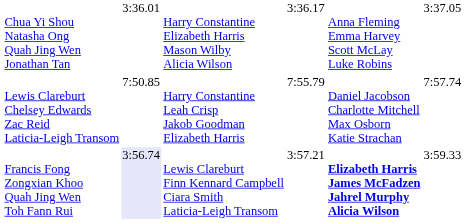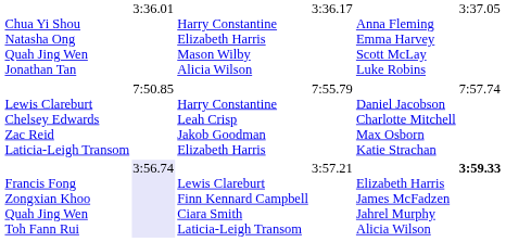 <table>
 <tr valign="top">
 <td></td>
 <td><br><a href='#'>Chua Yi Shou</a><br><a href='#'>Natasha Ong</a><br><a href='#'>Quah Jing Wen</a><br><a href='#'>Jonathan Tan</a></td>
 <td>3:36.01</td>
 <td><br><a href='#'>Harry Constantine</a><br><a href='#'>Elizabeth Harris</a><br><a href='#'>Mason Wilby</a><br><a href='#'>Alicia Wilson</a></td>
 <td>3:36.17</td>
 <td><br><a href='#'>Anna Fleming</a><br><a href='#'>Emma Harvey</a><br><a href='#'>Scott McLay</a><br><a href='#'>Luke Robins</a></td>
 <td>3:37.05</td>
 </tr>
 <tr valign="top">
 <td></td>
 <td><br><a href='#'>Lewis Clareburt</a><br><a href='#'>Chelsey Edwards</a><br><a href='#'>Zac Reid</a><br><a href='#'>Laticia-Leigh Transom</a></td>
 <td>7:50.85</td>
 <td><br><a href='#'>Harry Constantine</a><br><a href='#'>Leah Crisp</a><br><a href='#'>Jakob Goodman</a><br><a href='#'>Elizabeth Harris</a></td>
 <td>7:55.79</td>
 <td><br><a href='#'>Daniel Jacobson</a><br><a href='#'>Charlotte Mitchell</a><br><a href='#'>Max Osborn</a><br><a href='#'>Katie Strachan</a></td>
 <td>7:57.74</td>
 </tr>
 <tr valign="top">
 <td></td>
 <td><br><a href='#'>Francis Fong</a><br><a href='#'>Zongxian Khoo</a><br><a href='#'>Quah Jing Wen</a><br><a href='#'>Toh Fann Rui</a></td>
 <td style="background: lavender;">3:56.74</td>
 <td><br><a href='#'>Lewis Clareburt</a><br><a href='#'>Finn Kennard Campbell</a><br><a href='#'>Ciara Smith</a><br><a href='#'>Laticia-Leigh Transom</a></td>
 <td>3:57.21</td>
-<td><strong><br><a href='#'>Elizabeth Harris</a><br><a href='#'>James McFadzen</a><br><a href='#'>Jahrel Murphy</a><br><a href='#'>Alicia Wilson</a></strong></td>
-<td>3:59.33</td>
+<td><br><a href='#'>Elizabeth Harris</a><br><a href='#'>James McFadzen</a><br><a href='#'>Jahrel Murphy</a><br><a href='#'>Alicia Wilson</a></td>
+<td><strong>3:59.33</strong></td>
 </tr>
 </table>
